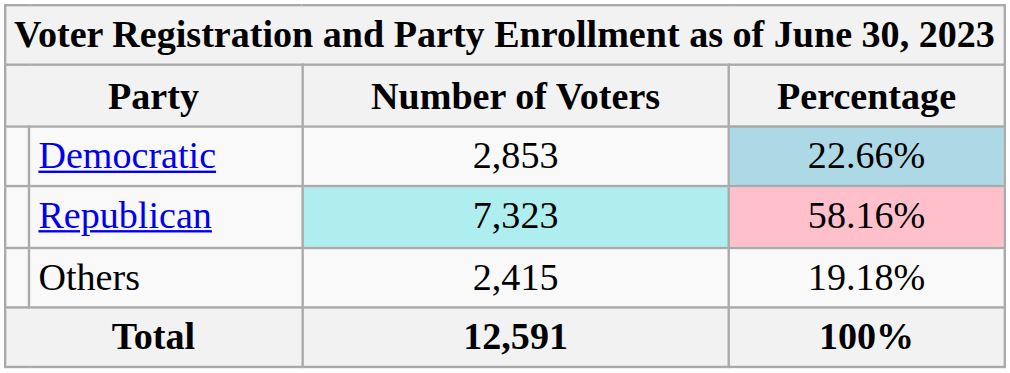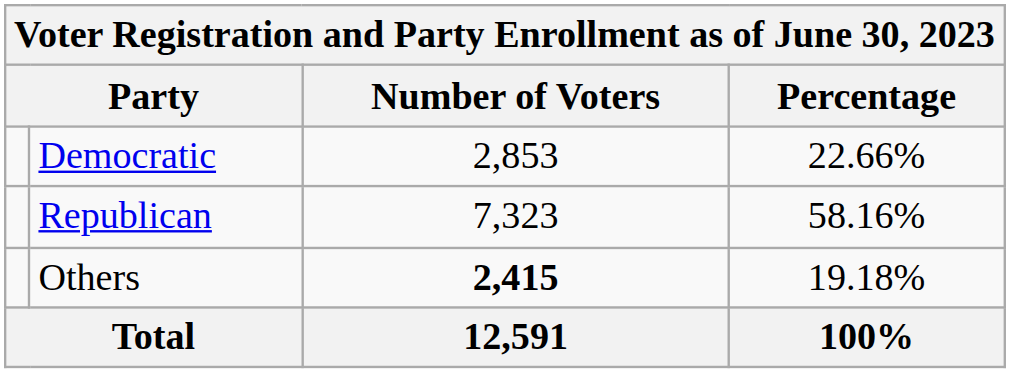 <table class=wikitable>
 <tr>
 <th colspan = 6>Voter Registration and Party Enrollment as of June 30, 2023</th>
 </tr>
 <tr>
 <th colspan = 2>Party</th>
 <th>Number of Voters</th>
 <th>Percentage</th>
 </tr>
 <tr>
 <td></td>
 <td><a href='#'>Democratic</a></td>
 <td align = center>2,853</td>
-<td align = center style="background: lightblue;">22.66%</td>
+<td align = center>22.66%</td>
 </tr>
 <tr>
 <td></td>
 <td><a href='#'>Republican</a></td>
-<td align = center style="background: paleturquoise;">7,323</td>
-<td align = center style="background: pink;">58.16%</td>
+<td align = center>7,323</td>
+<td align = center>58.16%</td>
 </tr>
 <tr>
 <td></td>
 <td>Others</td>
-<td align = center>2,415</td>
+<td align = center><strong>2,415</strong></td>
 <td align = center>19.18%</td>
 </tr>
 <tr>
 <th colspan = 2>Total</th>
 <th align = center>12,591</th>
 <th align = center>100%</th>
 </tr>
 </table>
